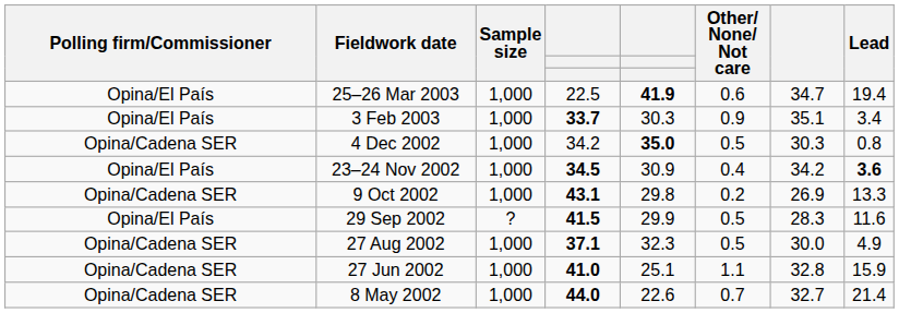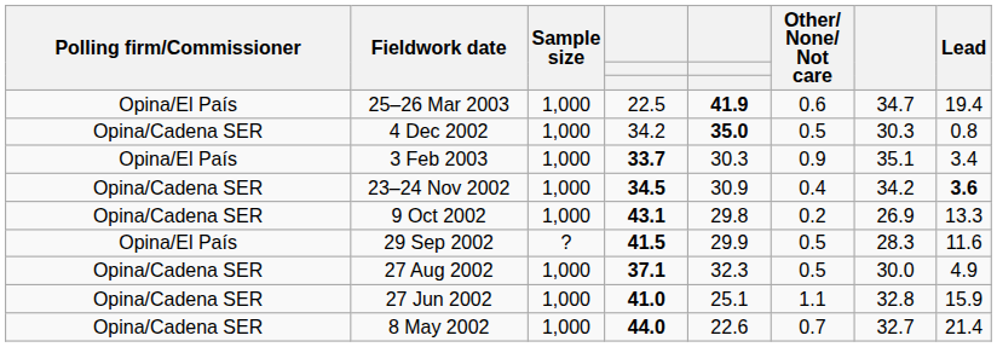 <table class="wikitable collapsible collapsed" style="text-align:center; font-size:90%; line-height:14px;">
 <tr style="height:42px;">
 <th style="width:250px;" rowspan="3">Polling firm/Commissioner</th>
 <th style="width:125px;" rowspan="3">Fieldwork date</th>
 <th style="width:50px;" rowspan="3">Sample size</th>
 <th style="width:55px;"></th>
 <th style="width:55px;"></th>
 <th style="width:55px;" rowspan="3">Other/<br>None/<br>Not<br>care</th>
 <th style="width:55px;" rowspan="3"></th>
 <th style="width:30px;" rowspan="3">Lead</th>
 </tr>
 <tr>
 <th style="color:inherit;background:"></th>
 <th style="color:inherit;background:"></th>
 </tr>
 <tr>
 <th></th>
 <th></th>
 </tr>
 <tr>
 <td>Opina/El País</td>
 <td>25–26 Mar 2003</td>
 <td>1,000</td>
 <td>22.5</td>
 <td><strong>41.9</strong></td>
 <td>0.6</td>
 <td>34.7</td>
 <td style="background:">19.4</td>
 </tr>
 <tr>
+<td>Opina/Cadena SER</td>
+<td>4 Dec 2002</td>
+<td>1,000</td>
+<td>34.2</td>
+<td><strong>35.0</strong></td>
+<td>0.5</td>
+<td>30.3</td>
+<td style="background:">0.8</td>
+</tr>
+<tr>
 <td>Opina/El País</td>
 <td>3 Feb 2003</td>
 <td>1,000</td>
 <td><strong>33.7</strong></td>
 <td>30.3</td>
 <td>0.9</td>
 <td>35.1</td>
 <td style="background:">3.4</td>
 </tr>
 <tr>
 <td>Opina/Cadena SER</td>
-<td>4 Dec 2002</td>
-<td>1,000</td>
-<td>34.2</td>
-<td><strong>35.0</strong></td>
-<td>0.5</td>
-<td>30.3</td>
-<td style="background:">0.8</td>
-</tr>
-<tr>
-<td>Opina/El País</td>
 <td>23–24 Nov 2002</td>
 <td>1,000</td>
 <td><strong>34.5</strong></td>
 <td>30.9</td>
 <td>0.4</td>
 <td>34.2</td>
 <td style="background:"><strong>3.6</strong></td>
 </tr>
 <tr>
 <td>Opina/Cadena SER</td>
 <td>9 Oct 2002</td>
 <td>1,000</td>
 <td><strong>43.1</strong></td>
 <td>29.8</td>
 <td>0.2</td>
 <td>26.9</td>
 <td style="background:">13.3</td>
 </tr>
 <tr>
 <td>Opina/El País</td>
 <td>29 Sep 2002</td>
 <td>?</td>
 <td><strong>41.5</strong></td>
 <td>29.9</td>
 <td>0.5</td>
 <td>28.3</td>
 <td style="background:">11.6</td>
 </tr>
 <tr>
 <td>Opina/Cadena SER</td>
 <td>27 Aug 2002</td>
 <td>1,000</td>
 <td><strong>37.1</strong></td>
 <td>32.3</td>
 <td>0.5</td>
 <td>30.0</td>
 <td style="background:">4.9</td>
 </tr>
 <tr>
 <td>Opina/Cadena SER</td>
 <td>27 Jun 2002</td>
 <td>1,000</td>
 <td><strong>41.0</strong></td>
 <td>25.1</td>
 <td>1.1</td>
 <td>32.8</td>
 <td style="background:">15.9</td>
 </tr>
 <tr>
 <td>Opina/Cadena SER</td>
 <td>8 May 2002</td>
 <td>1,000</td>
 <td><strong>44.0</strong></td>
 <td>22.6</td>
 <td>0.7</td>
 <td>32.7</td>
 <td style="background:">21.4</td>
 </tr>
 </table>
